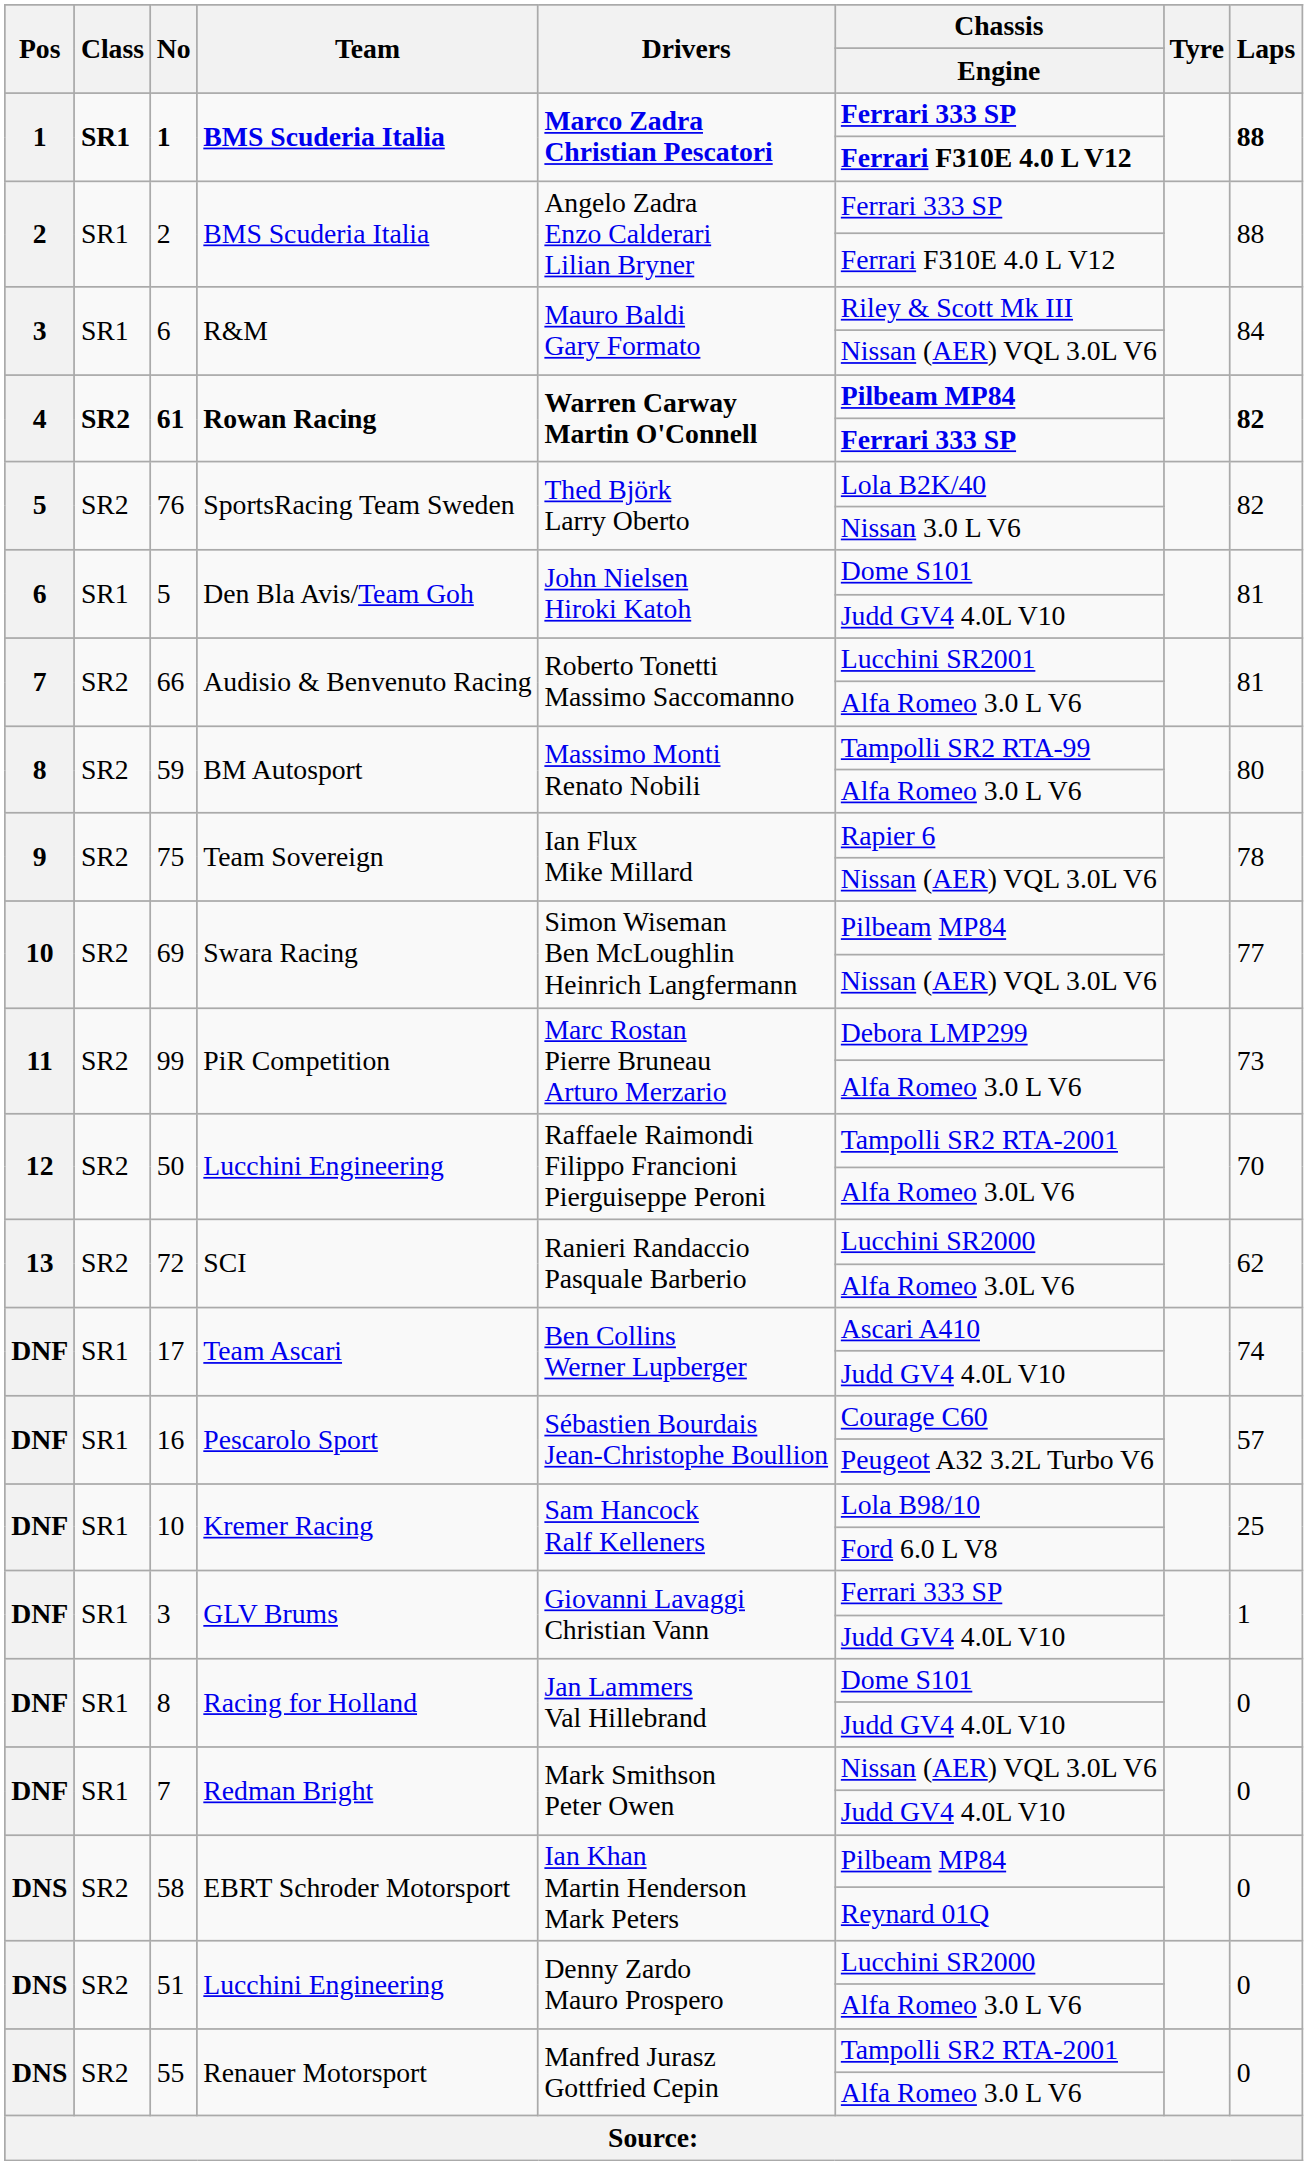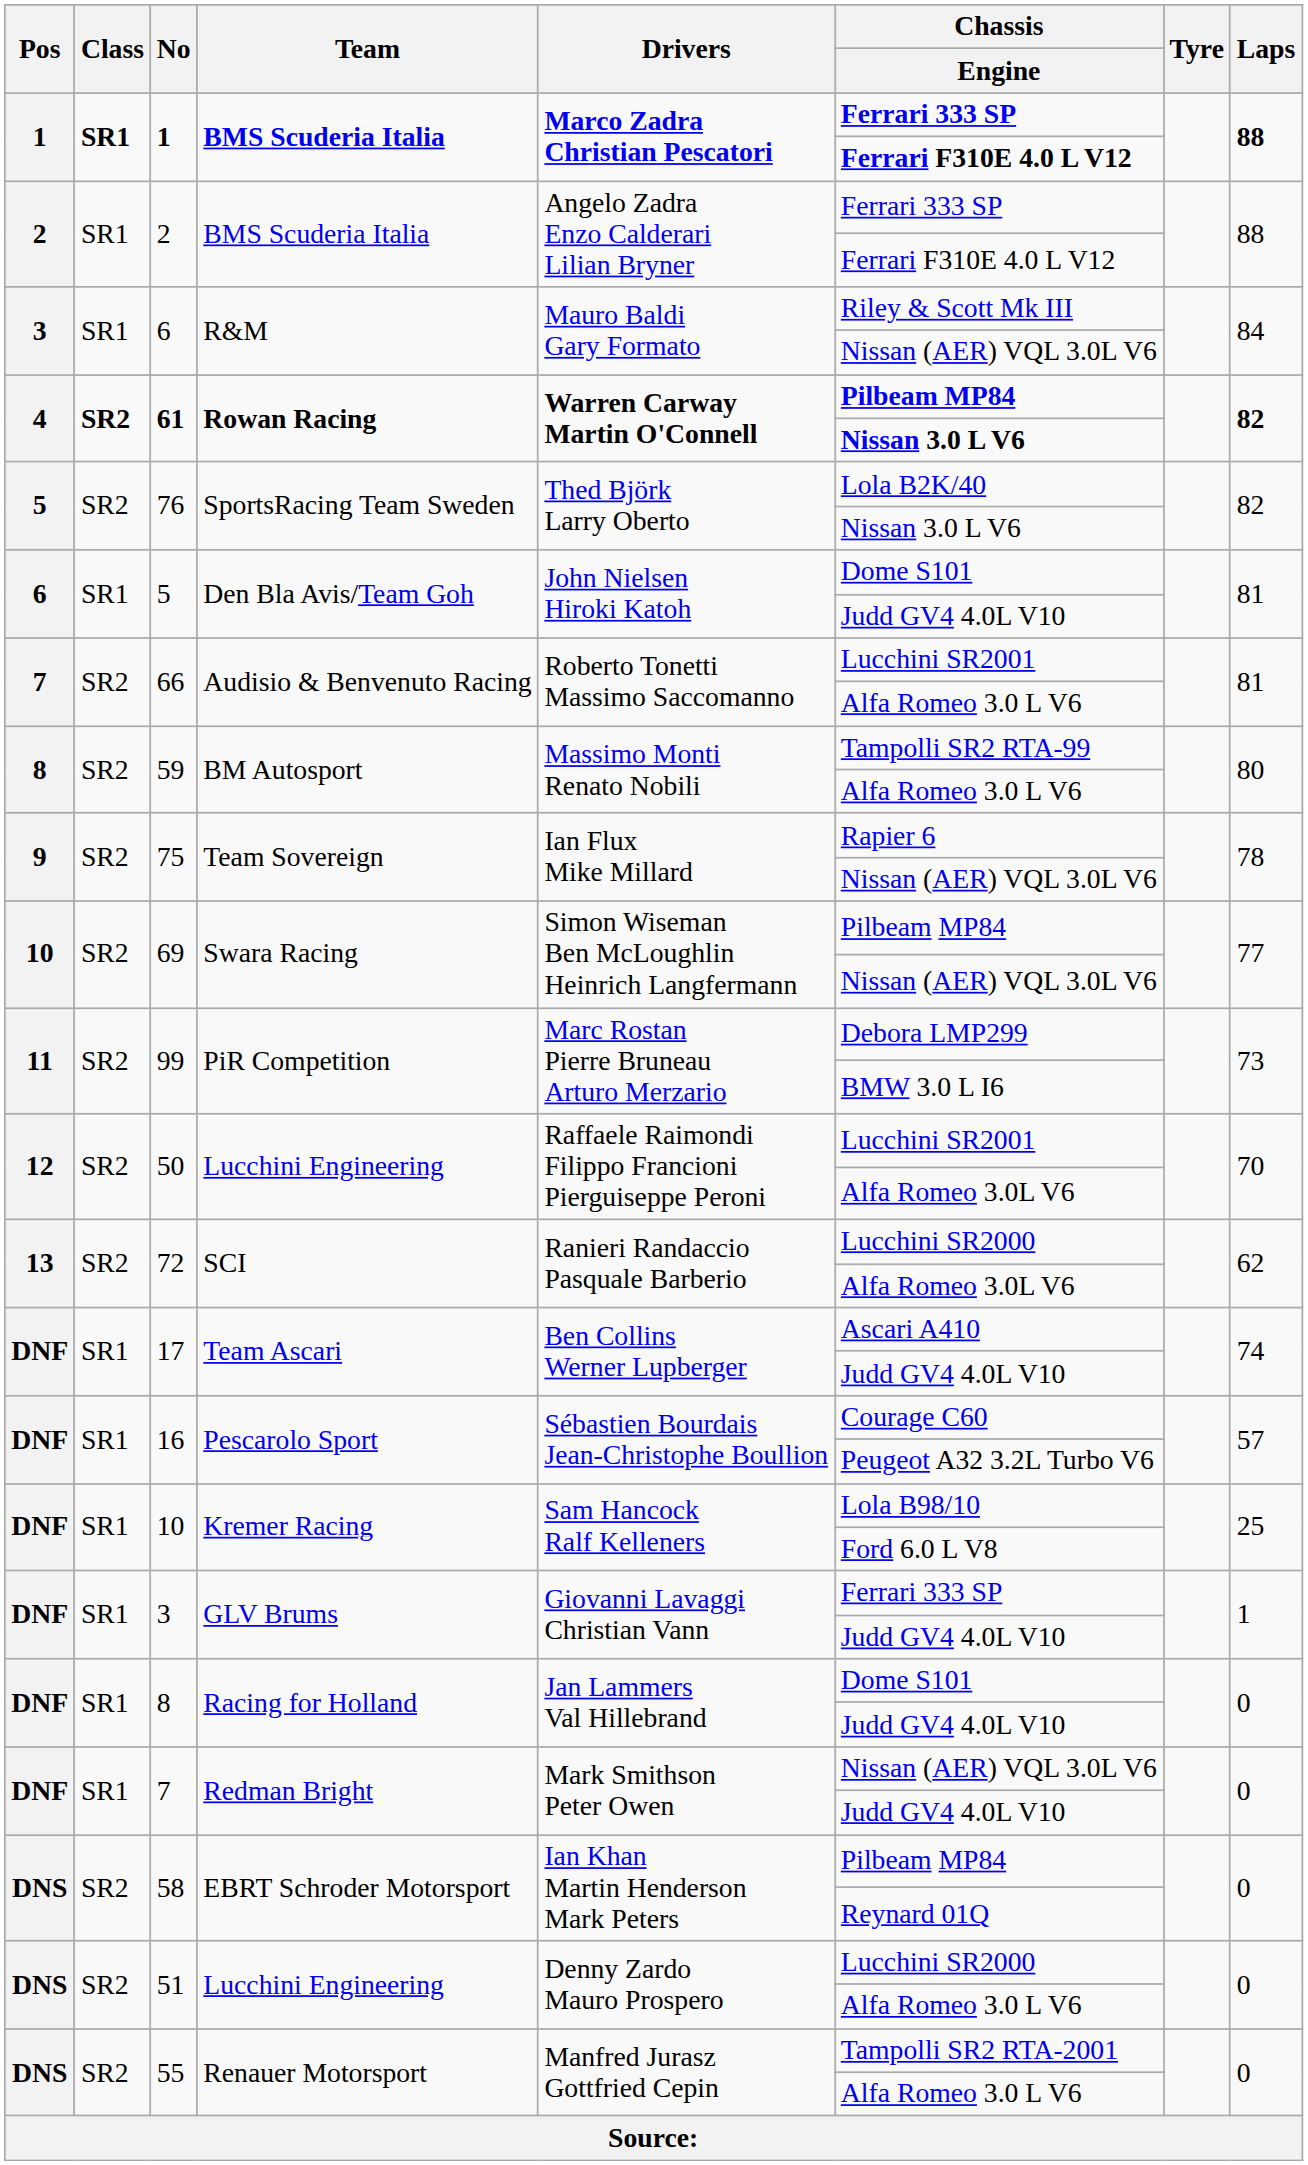 <table class="wikitable">
 <tr>
 <th rowspan="2">Pos</th>
 <th rowspan="2">Class</th>
 <th rowspan="2">No</th>
 <th rowspan="2">Team</th>
 <th rowspan="2">Drivers</th>
 <th>Chassis</th>
 <th rowspan="2">Tyre</th>
 <th rowspan="2">Laps</th>
 </tr>
 <tr>
 <th>Engine</th>
 </tr>
 <tr>
 <th rowspan="2">1</th>
 <td rowspan="2"><strong>SR1</strong></td>
 <td rowspan="2"><strong>1</strong></td>
 <td rowspan="2"><strong> <a href='#'>BMS Scuderia Italia</a></strong></td>
 <td rowspan="2"><strong> <a href='#'>Marco Zadra</a><br> <a href='#'>Christian Pescatori</a></strong></td>
 <td><strong><a href='#'>Ferrari 333 SP</a></strong></td>
 <td rowspan="2"></td>
 <td rowspan="2"><strong>88</strong></td>
 </tr>
 <tr>
 <td><strong><a href='#'>Ferrari</a> F310E 4.0 L V12</strong></td>
 </tr>
 <tr>
 <th rowspan="2">2</th>
 <td rowspan="2">SR1</td>
 <td rowspan="2">2</td>
 <td rowspan="2"> <a href='#'>BMS Scuderia Italia</a></td>
 <td rowspan="2"> Angelo Zadra<br> <a href='#'>Enzo Calderari</a><br> <a href='#'>Lilian Bryner</a></td>
 <td><a href='#'>Ferrari 333 SP</a></td>
 <td rowspan="2"></td>
 <td rowspan="2">88</td>
 </tr>
 <tr>
 <td><a href='#'>Ferrari</a> F310E 4.0 L V12</td>
 </tr>
 <tr>
 <th rowspan="2">3</th>
 <td rowspan="2">SR1</td>
 <td rowspan="2">6</td>
 <td rowspan="2"> R&M</td>
 <td rowspan="2"> <a href='#'>Mauro Baldi</a><br> <a href='#'>Gary Formato</a></td>
 <td><a href='#'>Riley & Scott Mk III</a></td>
 <td rowspan="2"></td>
 <td rowspan="2">84</td>
 </tr>
 <tr>
 <td><a href='#'>Nissan</a> (<a href='#'>AER</a>) VQL 3.0L V6</td>
 </tr>
 <tr>
 <th rowspan="2">4</th>
 <td rowspan="2"><strong>SR2</strong></td>
 <td rowspan="2"><strong>61</strong></td>
 <td rowspan="2"><strong> Rowan Racing</strong></td>
 <td rowspan="2"><strong> Warren Carway<br> Martin O'Connell</strong></td>
 <td><a href='#'><strong>Pilbeam MP84</strong></a></td>
 <td rowspan="2"></td>
 <td rowspan="2"><strong>82</strong></td>
 </tr>
 <tr>
-<td><strong><a href='#'>Ferrari 333 SP</a></strong></td>
+<td><strong><a href='#'>Nissan</a> 3.0 L V6</strong></td>
 </tr>
 <tr>
 <th rowspan="2">5</th>
 <td rowspan="2">SR2</td>
 <td rowspan="2">76</td>
 <td rowspan="2"> SportsRacing Team Sweden</td>
 <td rowspan="2"> <a href='#'>Thed Björk</a><br> Larry Oberto</td>
 <td><a href='#'>Lola B2K/40</a></td>
 <td rowspan="2"></td>
 <td rowspan="2">82</td>
 </tr>
 <tr>
 <td><a href='#'>Nissan</a> 3.0 L V6</td>
 </tr>
 <tr>
 <th rowspan="2">6</th>
 <td rowspan="2">SR1</td>
 <td rowspan="2">5</td>
 <td rowspan="2"> Den Bla Avis/<a href='#'>Team Goh</a></td>
 <td rowspan="2"> <a href='#'>John Nielsen</a><br> <a href='#'>Hiroki Katoh</a></td>
 <td><a href='#'>Dome S101</a></td>
 <td rowspan="2"></td>
 <td rowspan="2">81</td>
 </tr>
 <tr>
 <td><a href='#'>Judd GV4</a> 4.0L V10</td>
 </tr>
 <tr>
 <th rowspan="2">7</th>
 <td rowspan="2">SR2</td>
 <td rowspan="2">66</td>
 <td rowspan="2"> Audisio & Benvenuto Racing</td>
 <td rowspan="2"> Roberto Tonetti<br> Massimo Saccomanno</td>
 <td><a href='#'>Lucchini SR2001</a></td>
 <td rowspan="2"></td>
 <td rowspan="2">81</td>
 </tr>
 <tr>
 <td><a href='#'>Alfa Romeo</a> 3.0 L V6</td>
 </tr>
 <tr>
 <th rowspan="2">8</th>
 <td rowspan="2">SR2</td>
 <td rowspan="2">59</td>
 <td rowspan="2"> BM Autosport</td>
 <td rowspan="2"> <a href='#'>Massimo Monti</a><br> Renato Nobili</td>
 <td><a href='#'>Tampolli SR2 RTA-99</a></td>
 <td rowspan="2"></td>
 <td rowspan="2">80</td>
 </tr>
 <tr>
 <td><a href='#'>Alfa Romeo</a> 3.0 L V6</td>
 </tr>
 <tr>
 <th rowspan="2">9</th>
 <td rowspan="2">SR2</td>
 <td rowspan="2">75</td>
 <td rowspan="2"> Team Sovereign</td>
 <td rowspan="2"> Ian Flux<br> Mike Millard</td>
 <td><a href='#'>Rapier 6</a></td>
 <td rowspan="2"></td>
 <td rowspan="2">78</td>
 </tr>
 <tr>
 <td><a href='#'>Nissan</a> (<a href='#'>AER</a>) VQL 3.0L V6</td>
 </tr>
 <tr>
 <th rowspan="2">10</th>
 <td rowspan="2">SR2</td>
 <td rowspan="2">69</td>
 <td rowspan="2"> Swara Racing</td>
 <td rowspan="2"> Simon Wiseman<br> Ben McLoughlin<br> Heinrich Langfermann</td>
 <td><a href='#'>Pilbeam</a> <a href='#'>MP84</a></td>
 <td rowspan="2"></td>
 <td rowspan="2">77</td>
 </tr>
 <tr>
 <td><a href='#'>Nissan</a> (<a href='#'>AER</a>) VQL 3.0L V6</td>
 </tr>
 <tr>
 <th rowspan="2">11</th>
 <td rowspan="2">SR2</td>
 <td rowspan="2">99</td>
 <td rowspan="2"> PiR Competition</td>
 <td rowspan="2"> <a href='#'>Marc Rostan</a><br> Pierre Bruneau<br> <a href='#'>Arturo Merzario</a></td>
 <td><a href='#'>Debora LMP299</a></td>
 <td rowspan="2"></td>
 <td rowspan="2">73</td>
 </tr>
 <tr>
-<td><a href='#'>Alfa Romeo</a> 3.0 L V6</td>
+<td><a href='#'>BMW</a> 3.0 L I6</td>
 </tr>
 <tr>
 <th rowspan="2">12</th>
 <td rowspan="2">SR2</td>
 <td rowspan="2">50</td>
 <td rowspan="2"> <a href='#'>Lucchini Engineering</a></td>
 <td rowspan="2"> Raffaele Raimondi<br> Filippo Francioni<br> Pierguiseppe Peroni</td>
-<td><a href='#'>Tampolli SR2 RTA-2001</a></td>
+<td><a href='#'>Lucchini SR2001</a></td>
 <td rowspan="2"></td>
 <td rowspan="2">70</td>
 </tr>
 <tr>
 <td><a href='#'>Alfa Romeo</a> 3.0L V6</td>
 </tr>
 <tr>
 <th rowspan="2">13</th>
 <td rowspan="2">SR2</td>
 <td rowspan="2">72</td>
 <td rowspan="2"> SCI</td>
 <td rowspan="2"> Ranieri Randaccio<br> Pasquale Barberio</td>
 <td><a href='#'>Lucchini SR2000</a></td>
 <td rowspan="2"></td>
 <td rowspan="2">62</td>
 </tr>
 <tr>
 <td><a href='#'>Alfa Romeo</a> 3.0L V6</td>
 </tr>
 <tr>
 <th rowspan="2">DNF</th>
 <td rowspan="2">SR1</td>
 <td rowspan="2">17</td>
 <td rowspan="2"> <a href='#'>Team Ascari</a></td>
 <td rowspan="2"> <a href='#'>Ben Collins</a><br> <a href='#'>Werner Lupberger</a></td>
 <td><a href='#'>Ascari A410</a></td>
 <td rowspan="2"></td>
 <td rowspan="2">74</td>
 </tr>
 <tr>
 <td><a href='#'>Judd GV4</a> 4.0L V10</td>
 </tr>
 <tr>
 <th rowspan="2">DNF</th>
 <td rowspan="2">SR1</td>
 <td rowspan="2">16</td>
 <td rowspan="2"> <a href='#'>Pescarolo Sport</a></td>
 <td rowspan="2"> <a href='#'>Sébastien Bourdais</a><br> <a href='#'>Jean-Christophe Boullion</a></td>
 <td><a href='#'>Courage C60</a></td>
 <td rowspan="2"></td>
 <td rowspan="2">57</td>
 </tr>
 <tr>
 <td><a href='#'>Peugeot</a> A32 3.2L Turbo V6</td>
 </tr>
 <tr>
 <th rowspan="2">DNF</th>
 <td rowspan="2">SR1</td>
 <td rowspan="2">10</td>
 <td rowspan="2"> <a href='#'>Kremer Racing</a></td>
 <td rowspan="2"> <a href='#'>Sam Hancock</a><br> <a href='#'>Ralf Kelleners</a></td>
 <td><a href='#'>Lola B98/10</a></td>
 <td rowspan="2"></td>
 <td rowspan="2">25</td>
 </tr>
 <tr>
 <td><a href='#'>Ford</a> 6.0 L V8</td>
 </tr>
 <tr>
 <th rowspan="2">DNF</th>
 <td rowspan="2">SR1</td>
 <td rowspan="2">3</td>
 <td rowspan="2"> <a href='#'>GLV Brums</a></td>
 <td rowspan="2"> <a href='#'>Giovanni Lavaggi</a><br> Christian Vann</td>
 <td><a href='#'>Ferrari 333 SP</a></td>
 <td rowspan="2"></td>
 <td rowspan="2">1</td>
 </tr>
 <tr>
 <td><a href='#'>Judd GV4</a> 4.0L V10</td>
 </tr>
 <tr>
 <th rowspan="2">DNF</th>
 <td rowspan="2">SR1</td>
 <td rowspan="2">8</td>
 <td rowspan="2"> <a href='#'>Racing for Holland</a></td>
 <td rowspan="2"> <a href='#'>Jan Lammers</a><br> Val Hillebrand</td>
 <td><a href='#'>Dome S101</a></td>
 <td rowspan="2"></td>
 <td rowspan="2">0</td>
 </tr>
 <tr>
 <td><a href='#'>Judd GV4</a> 4.0L V10</td>
 </tr>
 <tr>
 <th rowspan="2">DNF</th>
 <td rowspan="2">SR1</td>
 <td rowspan="2">7</td>
 <td rowspan="2"> <a href='#'>Redman Bright</a></td>
 <td rowspan="2"> Mark Smithson<br> Peter Owen</td>
 <td><a href='#'>Nissan</a> (<a href='#'>AER</a>) VQL 3.0L V6</td>
 <td rowspan="2"></td>
 <td rowspan="2">0</td>
 </tr>
 <tr>
 <td><a href='#'>Judd GV4</a> 4.0L V10</td>
 </tr>
 <tr>
 <th rowspan="2">DNS</th>
 <td rowspan="2">SR2</td>
 <td rowspan="2">58</td>
 <td rowspan="2"> EBRT Schroder Motorsport</td>
 <td rowspan="2"> <a href='#'>Ian Khan</a><br> Martin Henderson<br> Mark Peters</td>
 <td><a href='#'>Pilbeam</a> <a href='#'>MP84</a></td>
 <td rowspan="2"></td>
 <td rowspan="2">0</td>
 </tr>
 <tr>
 <td><a href='#'>Reynard 01Q</a></td>
 </tr>
 <tr>
 <th rowspan="2">DNS</th>
 <td rowspan="2">SR2</td>
 <td rowspan="2">51</td>
 <td rowspan="2"> <a href='#'>Lucchini Engineering</a></td>
 <td rowspan="2"> Denny Zardo<br> Mauro Prospero</td>
 <td><a href='#'>Lucchini SR2000</a></td>
 <td rowspan="2"></td>
 <td rowspan="2">0</td>
 </tr>
 <tr>
 <td><a href='#'>Alfa Romeo</a> 3.0 L V6</td>
 </tr>
 <tr>
 <th rowspan="2">DNS</th>
 <td rowspan="2">SR2</td>
 <td rowspan="2">55</td>
 <td rowspan="2"> Renauer Motorsport</td>
 <td rowspan="2"> Manfred Jurasz<br> Gottfried Cepin</td>
 <td><a href='#'>Tampolli SR2 RTA-2001</a></td>
 <td rowspan="2"></td>
 <td rowspan="2">0</td>
 </tr>
 <tr>
 <td><a href='#'>Alfa Romeo</a> 3.0 L V6</td>
 </tr>
 <tr>
 <th colspan="8">Source:</th>
 </tr>
 </table>
